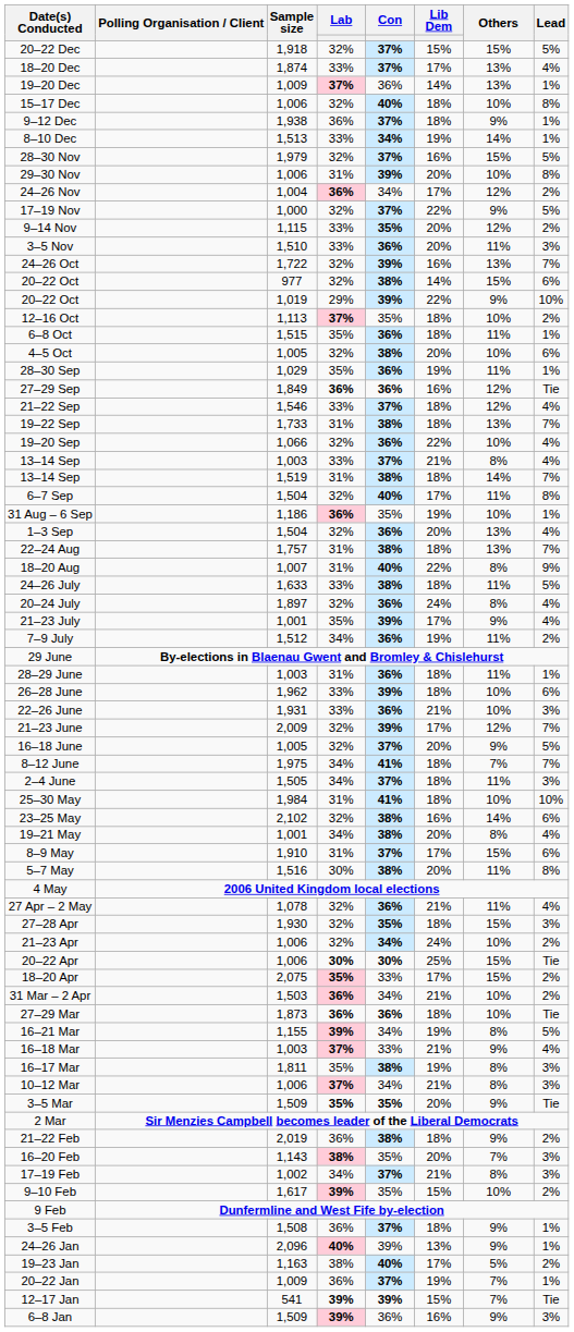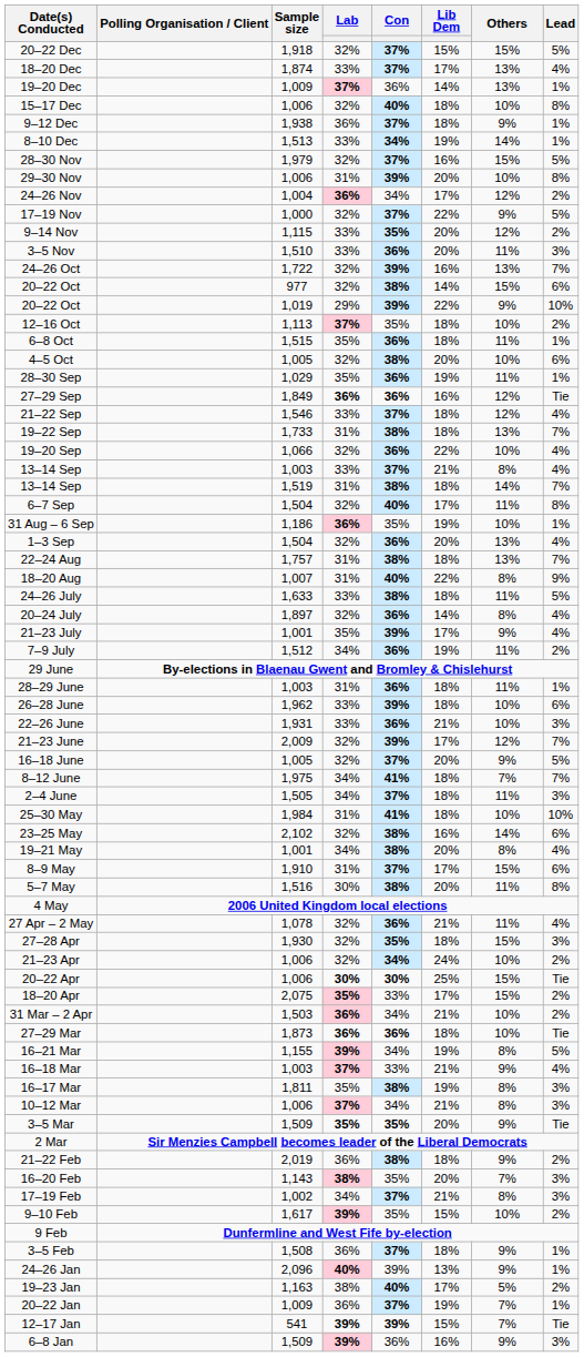 <table class="wikitable sortable mw-datatable" style="text-align:center;font-size:90%;line-height:14px;">
 <tr>
 <th rowspan="2">Date(s)<br>Conducted</th>
 <th rowspan="2">Polling Organisation / Client</th>
 <th rowspan="2" data-sort-type="number">Sample<br>size</th>
 <th class="unsortable" style="width:50px;"><a href='#'>Lab</a></th>
 <th class="unsortable" style="width:50px;"><a href='#'>Con</a></th>
 <th class="unsortable" style="width:50px;"><a href='#'>Lib Dem</a></th>
 <th rowspan="2" class="unsortable" style="width:75px;">Others</th>
 <th rowspan="2" data-sort-type="number">Lead</th>
 </tr>
 <tr>
 <th data-sort-type="number" style="background:"></th>
 <th data-sort-type="number" style="background:"></th>
 <th data-sort-type="number" style="background:"></th>
 </tr>
 <tr>
 <td>20–22 Dec</td>
 <td></td>
 <td>1,918</td>
 <td>32%</td>
 <td style="background:#CCEBFF;"><strong>37%</strong></td>
 <td>15%</td>
 <td>15%</td>
 <td style="background:">5%</td>
 </tr>
 <tr>
 <td>18–20 Dec</td>
 <td></td>
 <td>1,874</td>
 <td>33%</td>
 <td style="background:#CCEBFF;"><strong>37%</strong></td>
 <td>17%</td>
 <td>13%</td>
 <td style="background:">4%</td>
 </tr>
 <tr>
 <td>19–20 Dec</td>
 <td></td>
 <td>1,009</td>
 <td style="background:#FFCCD9;"><strong>37%</strong></td>
 <td>36%</td>
 <td>14%</td>
 <td>13%</td>
 <td style="background:">1%</td>
 </tr>
 <tr>
 <td>15–17 Dec</td>
 <td></td>
 <td>1,006</td>
 <td>32%</td>
 <td style="background:#CCEBFF;"><strong>40%</strong></td>
 <td>18%</td>
 <td>10%</td>
 <td style="background:">8%</td>
 </tr>
 <tr>
 <td>9–12 Dec</td>
 <td></td>
 <td>1,938</td>
 <td>36%</td>
 <td style="background:#CCEBFF;"><strong>37%</strong></td>
 <td>18%</td>
 <td>9%</td>
 <td style="background:">1%</td>
 </tr>
 <tr>
 <td>8–10 Dec</td>
 <td></td>
 <td>1,513</td>
 <td>33%</td>
 <td style="background:#CCEBFF;"><strong>34%</strong></td>
 <td>19%</td>
 <td>14%</td>
 <td style="background:">1%</td>
 </tr>
 <tr>
 <td>28–30 Nov</td>
 <td></td>
 <td>1,979</td>
 <td>32%</td>
 <td style="background:#CCEBFF;"><strong>37%</strong></td>
 <td>16%</td>
 <td>15%</td>
 <td style="background:">5%</td>
 </tr>
 <tr>
 <td>29–30 Nov</td>
 <td></td>
 <td>1,006</td>
 <td>31%</td>
 <td style="background:#CCEBFF;"><strong>39%</strong></td>
 <td>20%</td>
 <td>10%</td>
 <td style="background:">8%</td>
 </tr>
 <tr>
 <td>24–26 Nov</td>
 <td></td>
 <td>1,004</td>
 <td style="background:#FFCCD9;"><strong>36%</strong></td>
 <td>34%</td>
 <td>17%</td>
 <td>12%</td>
 <td style="background:">2%</td>
 </tr>
 <tr>
 <td>17–19 Nov</td>
 <td></td>
 <td>1,000</td>
 <td>32%</td>
 <td style="background:#CCEBFF;"><strong>37%</strong></td>
 <td>22%</td>
 <td>9%</td>
 <td style="background:">5%</td>
 </tr>
 <tr>
 <td>9–14 Nov</td>
 <td></td>
 <td>1,115</td>
 <td>33%</td>
 <td style="background:#CCEBFF;"><strong>35%</strong></td>
 <td>20%</td>
 <td>12%</td>
 <td style="background:">2%</td>
 </tr>
 <tr>
 <td>3–5 Nov</td>
 <td></td>
 <td>1,510</td>
 <td>33%</td>
 <td style="background:#CCEBFF;"><strong>36%</strong></td>
 <td>20%</td>
 <td>11%</td>
 <td style="background:">3%</td>
 </tr>
 <tr>
 <td>24–26 Oct</td>
 <td></td>
 <td>1,722</td>
 <td>32%</td>
 <td style="background:#CCEBFF;"><strong>39%</strong></td>
 <td>16%</td>
 <td>13%</td>
 <td style="background:">7%</td>
 </tr>
 <tr>
 <td>20–22 Oct</td>
 <td></td>
 <td>977</td>
 <td>32%</td>
 <td style="background:#CCEBFF;"><strong>38%</strong></td>
 <td>14%</td>
 <td>15%</td>
 <td style="background:">6%</td>
 </tr>
 <tr>
 <td>20–22 Oct</td>
 <td></td>
 <td>1,019</td>
 <td>29%</td>
 <td style="background:#CCEBFF;"><strong>39%</strong></td>
 <td>22%</td>
 <td>9%</td>
 <td style="background:">10%</td>
 </tr>
 <tr>
 <td>12–16 Oct</td>
 <td></td>
 <td>1,113</td>
 <td style="background:#FFCCD9;"><strong>37%</strong></td>
 <td>35%</td>
 <td>18%</td>
 <td>10%</td>
 <td style="background:">2%</td>
 </tr>
 <tr>
 <td>6–8 Oct</td>
 <td></td>
 <td>1,515</td>
 <td>35%</td>
 <td style="background:#CCEBFF;"><strong>36%</strong></td>
 <td>18%</td>
 <td>11%</td>
 <td style="background:">1%</td>
 </tr>
 <tr>
 <td>4–5 Oct</td>
 <td></td>
 <td>1,005</td>
 <td>32%</td>
 <td style="background:#CCEBFF;"><strong>38%</strong></td>
 <td>20%</td>
 <td>10%</td>
 <td style="background:">6%</td>
 </tr>
 <tr>
 <td>28–30 Sep</td>
 <td></td>
 <td>1,029</td>
 <td>35%</td>
 <td style="background:#CCEBFF;"><strong>36%</strong></td>
 <td>19%</td>
 <td>11%</td>
 <td style="background:">1%</td>
 </tr>
 <tr>
 <td>27–29 Sep</td>
 <td></td>
 <td>1,849</td>
 <td><strong>36%</strong></td>
 <td><strong>36%</strong></td>
 <td>16%</td>
 <td>12%</td>
 <td>Tie</td>
 </tr>
 <tr>
 <td>21–22 Sep</td>
 <td></td>
 <td>1,546</td>
 <td>33%</td>
 <td style="background:#CCEBFF;"><strong>37%</strong></td>
 <td>18%</td>
 <td>12%</td>
 <td style="background:">4%</td>
 </tr>
 <tr>
 <td>19–22 Sep</td>
 <td></td>
 <td>1,733</td>
 <td>31%</td>
 <td style="background:#CCEBFF;"><strong>38%</strong></td>
 <td>18%</td>
 <td>13%</td>
 <td style="background:">7%</td>
 </tr>
 <tr>
 <td>19–20 Sep</td>
 <td></td>
 <td>1,066</td>
 <td>32%</td>
 <td style="background:#CCEBFF;"><strong>36%</strong></td>
 <td>22%</td>
 <td>10%</td>
 <td style="background:">4%</td>
 </tr>
 <tr>
 <td>13–14 Sep</td>
 <td></td>
 <td>1,003</td>
 <td>33%</td>
 <td style="background:#CCEBFF;"><strong>37%</strong></td>
 <td>21%</td>
 <td>8%</td>
 <td style="background:">4%</td>
 </tr>
 <tr>
 <td>13–14 Sep</td>
 <td></td>
 <td>1,519</td>
 <td>31%</td>
 <td style="background:#CCEBFF;"><strong>38%</strong></td>
 <td>18%</td>
 <td>14%</td>
 <td style="background:">7%</td>
 </tr>
 <tr>
 <td>6–7 Sep</td>
 <td></td>
 <td>1,504</td>
 <td>32%</td>
 <td style="background:#CCEBFF;"><strong>40%</strong></td>
 <td>17%</td>
 <td>11%</td>
 <td style="background:">8%</td>
 </tr>
 <tr>
 <td>31 Aug – 6 Sep</td>
 <td></td>
 <td>1,186</td>
 <td style="background:#FFCCD9;"><strong>36%</strong></td>
 <td>35%</td>
 <td>19%</td>
 <td>10%</td>
 <td style="background:">1%</td>
 </tr>
 <tr>
 <td>1–3 Sep</td>
 <td></td>
 <td>1,504</td>
 <td>32%</td>
 <td style="background:#CCEBFF;"><strong>36%</strong></td>
 <td>20%</td>
 <td>13%</td>
 <td style="background:">4%</td>
 </tr>
 <tr>
 <td>22–24 Aug</td>
 <td></td>
 <td>1,757</td>
 <td>31%</td>
 <td style="background:#CCEBFF;"><strong>38%</strong></td>
 <td>18%</td>
 <td>13%</td>
 <td style="background:">7%</td>
 </tr>
 <tr>
 <td>18–20 Aug</td>
 <td></td>
 <td>1,007</td>
 <td>31%</td>
 <td style="background:#CCEBFF;"><strong>40%</strong></td>
 <td>22%</td>
 <td>8%</td>
 <td style="background:">9%</td>
 </tr>
 <tr>
 <td>24–26 July</td>
 <td></td>
 <td>1,633</td>
 <td>33%</td>
 <td style="background:#CCEBFF;"><strong>38%</strong></td>
 <td>18%</td>
 <td>11%</td>
 <td style="background:">5%</td>
 </tr>
 <tr>
 <td>20–24 July</td>
 <td></td>
 <td>1,897</td>
 <td>32%</td>
 <td style="background:#CCEBFF;"><strong>36%</strong></td>
-<td>24%</td>
+<td>14%</td>
 <td>8%</td>
 <td style="background:">4%</td>
 </tr>
 <tr>
 <td>21–23 July</td>
 <td></td>
 <td>1,001</td>
 <td>35%</td>
 <td style="background:#CCEBFF;"><strong>39%</strong></td>
 <td>17%</td>
 <td>9%</td>
 <td style="background:">4%</td>
 </tr>
 <tr>
 <td>7–9 July</td>
 <td></td>
 <td>1,512</td>
 <td>34%</td>
 <td style="background:#CCEBFF;"><strong>36%</strong></td>
 <td>19%</td>
 <td>11%</td>
 <td style="background:">2%</td>
 </tr>
 <tr>
 <td>29 June</td>
 <td colspan="7"><strong>By-elections in <a href='#'>Blaenau Gwent</a> and <a href='#'>Bromley & Chislehurst</a></strong></td>
 </tr>
 <tr>
 <td>28–29 June</td>
 <td></td>
 <td>1,003</td>
 <td>31%</td>
 <td style="background:#CCEBFF;"><strong>36%</strong></td>
 <td>18%</td>
 <td>11%</td>
 <td style="background:">1%</td>
 </tr>
 <tr>
 <td>26–28 June</td>
 <td></td>
 <td>1,962</td>
 <td>33%</td>
 <td style="background:#CCEBFF;"><strong>39%</strong></td>
 <td>18%</td>
 <td>10%</td>
 <td style="background:">6%</td>
 </tr>
 <tr>
 <td>22–26 June</td>
 <td></td>
 <td>1,931</td>
 <td>33%</td>
 <td style="background:#CCEBFF;"><strong>36%</strong></td>
 <td>21%</td>
 <td>10%</td>
 <td style="background:">3%</td>
 </tr>
 <tr>
 <td>21–23 June</td>
 <td></td>
 <td>2,009</td>
 <td>32%</td>
 <td style="background:#CCEBFF;"><strong>39%</strong></td>
 <td>17%</td>
 <td>12%</td>
 <td style="background:">7%</td>
 </tr>
 <tr>
 <td>16–18 June</td>
 <td></td>
 <td>1,005</td>
 <td>32%</td>
 <td style="background:#CCEBFF;"><strong>37%</strong></td>
 <td>20%</td>
 <td>9%</td>
 <td style="background:">5%</td>
 </tr>
 <tr>
 <td>8–12 June</td>
 <td></td>
 <td>1,975</td>
 <td>34%</td>
 <td style="background:#CCEBFF;"><strong>41%</strong></td>
 <td>18%</td>
 <td>7%</td>
 <td style="background:">7%</td>
 </tr>
 <tr>
 <td>2–4 June</td>
 <td></td>
 <td>1,505</td>
 <td>34%</td>
 <td style="background:#CCEBFF;"><strong>37%</strong></td>
 <td>18%</td>
 <td>11%</td>
 <td style="background:">3%</td>
 </tr>
 <tr>
 <td>25–30 May</td>
 <td></td>
 <td>1,984</td>
 <td>31%</td>
 <td style="background:#CCEBFF;"><strong>41%</strong></td>
 <td>18%</td>
 <td>10%</td>
 <td style="background:">10%</td>
 </tr>
 <tr>
 <td>23–25 May</td>
 <td></td>
 <td>2,102</td>
 <td>32%</td>
 <td style="background:#CCEBFF;"><strong>38%</strong></td>
 <td>16%</td>
 <td>14%</td>
 <td style="background:">6%</td>
 </tr>
 <tr>
 <td>19–21 May</td>
 <td></td>
 <td>1,001</td>
 <td>34%</td>
 <td style="background:#CCEBFF;"><strong>38%</strong></td>
 <td>20%</td>
 <td>8%</td>
 <td style="background:">4%</td>
 </tr>
 <tr>
 <td>8–9 May</td>
 <td></td>
 <td>1,910</td>
 <td>31%</td>
 <td style="background:#CCEBFF;"><strong>37%</strong></td>
 <td>17%</td>
 <td>15%</td>
 <td style="background:">6%</td>
 </tr>
 <tr>
 <td>5–7 May</td>
 <td></td>
 <td>1,516</td>
 <td>30%</td>
 <td style="background:#CCEBFF;"><strong>38%</strong></td>
 <td>20%</td>
 <td>11%</td>
 <td style="background:">8%</td>
 </tr>
 <tr>
 <td>4 May</td>
 <td colspan="7"><strong><a href='#'>2006 United Kingdom local elections</a></strong></td>
 </tr>
 <tr>
 <td>27 Apr – 2 May</td>
 <td></td>
 <td>1,078</td>
 <td>32%</td>
 <td style="background:#CCEBFF;"><strong>36%</strong></td>
 <td>21%</td>
 <td>11%</td>
 <td style="background:">4%</td>
 </tr>
 <tr>
 <td>27–28 Apr</td>
 <td></td>
 <td>1,930</td>
 <td>32%</td>
 <td style="background:#CCEBFF;"><strong>35%</strong></td>
 <td>18%</td>
 <td>15%</td>
 <td style="background:">3%</td>
 </tr>
 <tr>
 <td>21–23 Apr</td>
 <td></td>
 <td>1,006</td>
 <td>32%</td>
 <td style="background:#CCEBFF;"><strong>34%</strong></td>
 <td>24%</td>
 <td>10%</td>
 <td style="background:">2%</td>
 </tr>
 <tr>
 <td>20–22 Apr</td>
 <td></td>
 <td>1,006</td>
 <td><strong>30%</strong></td>
 <td><strong>30%</strong></td>
 <td>25%</td>
 <td>15%</td>
 <td>Tie</td>
 </tr>
 <tr>
 <td>18–20 Apr</td>
 <td></td>
 <td>2,075</td>
 <td style="background:#FFCCD9;"><strong>35%</strong></td>
 <td>33%</td>
 <td>17%</td>
 <td>15%</td>
 <td style="background:">2%</td>
 </tr>
 <tr>
 <td>31 Mar – 2 Apr</td>
 <td></td>
 <td>1,503</td>
 <td style="background:#FFCCD9;"><strong>36%</strong></td>
 <td>34%</td>
 <td>21%</td>
 <td>10%</td>
 <td style="background:">2%</td>
 </tr>
 <tr>
 <td>27–29 Mar</td>
 <td></td>
 <td>1,873</td>
 <td><strong>36%</strong></td>
 <td><strong>36%</strong></td>
 <td>18%</td>
 <td>10%</td>
 <td>Tie</td>
 </tr>
 <tr>
 <td>16–21 Mar</td>
 <td></td>
 <td>1,155</td>
 <td style="background:#FFCCD9;"><strong>39%</strong></td>
 <td>34%</td>
 <td>19%</td>
 <td>8%</td>
 <td style="background:">5%</td>
 </tr>
 <tr>
 <td>16–18 Mar</td>
 <td></td>
 <td>1,003</td>
 <td style="background:#FFCCD9;"><strong>37%</strong></td>
 <td>33%</td>
 <td>21%</td>
 <td>9%</td>
 <td style="background:">4%</td>
 </tr>
 <tr>
 <td>16–17 Mar</td>
 <td></td>
 <td>1,811</td>
 <td>35%</td>
 <td style="background:#CCEBFF;"><strong>38%</strong></td>
 <td>19%</td>
 <td>8%</td>
 <td style="background:">3%</td>
 </tr>
 <tr>
 <td>10–12 Mar</td>
 <td></td>
 <td>1,006</td>
 <td style="background:#FFCCD9;"><strong>37%</strong></td>
 <td>34%</td>
 <td>21%</td>
 <td>8%</td>
 <td style="background:">3%</td>
 </tr>
 <tr>
 <td>3–5 Mar</td>
 <td></td>
 <td>1,509</td>
 <td><strong>35%</strong></td>
 <td><strong>35%</strong></td>
 <td>20%</td>
 <td 9%>9%</td>
 <td>Tie</td>
 </tr>
 <tr>
 <td>2 Mar</td>
 <td colspan="7"><strong><a href='#'>Sir Menzies Campbell</a> <a href='#'>becomes leader</a> of the <a href='#'>Liberal Democrats</a></strong></td>
 </tr>
 <tr>
 <td>21–22 Feb</td>
 <td></td>
 <td>2,019</td>
 <td>36%</td>
 <td style="background:#CCEBFF;"><strong>38%</strong></td>
 <td>18%</td>
 <td>9%</td>
 <td style="background:">2%</td>
 </tr>
 <tr>
 <td>16–20 Feb</td>
 <td></td>
 <td>1,143</td>
 <td style="background:#FFCCD9;"><strong>38%</strong></td>
 <td>35%</td>
 <td>20%</td>
 <td>7%</td>
 <td style="background:">3%</td>
 </tr>
 <tr>
 <td>17–19 Feb</td>
 <td></td>
 <td>1,002</td>
 <td>34%</td>
 <td style="background:#CCEBFF;"><strong>37%</strong></td>
 <td>21%</td>
 <td>8%</td>
 <td style="background:">3%</td>
 </tr>
 <tr>
 <td>9–10 Feb</td>
 <td></td>
 <td>1,617</td>
 <td style="background:#FFCCD9;"><strong>39%</strong></td>
 <td>35%</td>
 <td>15%</td>
 <td>10%</td>
 <td style="background:">2%</td>
 </tr>
 <tr>
 <td>9 Feb</td>
 <td colspan="7"><a href='#'><strong>Dunfermline and West Fife by-election</strong></a></td>
 </tr>
 <tr>
 <td>3–5 Feb</td>
 <td></td>
 <td>1,508</td>
 <td>36%</td>
 <td style="background:#CCEBFF;"><strong>37%</strong></td>
 <td>18%</td>
 <td>9%</td>
 <td style="background:">1%</td>
 </tr>
 <tr>
 <td>24–26 Jan</td>
 <td></td>
 <td>2,096</td>
 <td style="background:#FFCCD9;"><strong>40%</strong></td>
 <td>39%</td>
 <td>13%</td>
 <td>9%</td>
 <td style="background:">1%</td>
 </tr>
 <tr>
 <td>19–23 Jan</td>
 <td></td>
 <td>1,163</td>
 <td>38%</td>
 <td style="background:#CCEBFF;"><strong>40%</strong></td>
 <td>17%</td>
 <td>5%</td>
 <td style="background:">2%</td>
 </tr>
 <tr>
 <td>20–22 Jan</td>
 <td></td>
 <td>1,009</td>
 <td>36%</td>
 <td style="background:#CCEBFF;"><strong>37%</strong></td>
 <td>19%</td>
 <td>7%</td>
 <td style="background:">1%</td>
 </tr>
 <tr>
 <td>12–17 Jan</td>
 <td></td>
 <td>541</td>
 <td><strong>39%</strong></td>
 <td><strong>39%</strong></td>
 <td>15%</td>
 <td>7%</td>
 <td>Tie</td>
 </tr>
 <tr>
 <td>6–8 Jan</td>
 <td></td>
 <td>1,509</td>
 <td style="background:#FFCCD9;"><strong>39%</strong></td>
 <td>36%</td>
 <td>16%</td>
 <td>9%</td>
 <td style="background:">3%</td>
 </tr>
 </table>
